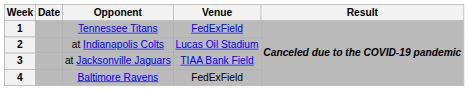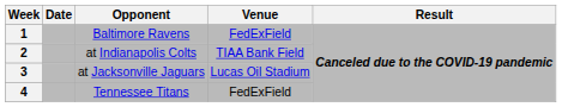 <table class="wikitable" style="text-align:center">
 <tr>
 <th>Week</th>
 <th>Date</th>
 <th>Opponent</th>
 <th>Venue</th>
 <th>Result</th>
 </tr>
 <tr style="background:#bababa">
 <th>1</th>
 <td></td>
-<td><a href='#'>Tennessee Titans</a></td>
+<td><a href='#'>Baltimore Ravens</a></td>
 <td><a href='#'>FedExField</a></td>
 <td rowspan=4><strong><em>Canceled due to the COVID-19 pandemic</em></strong></td>
 </tr>
 <tr style="background:#bababa">
 <th>2</th>
 <td></td>
 <td>at <a href='#'>Indianapolis Colts</a></td>
-<td><a href='#'>Lucas Oil Stadium</a></td>
+<td><a href='#'>TIAA Bank Field</a></td>
 </tr>
 <tr style="background:#bababa">
 <th>3</th>
 <td></td>
 <td>at <a href='#'>Jacksonville Jaguars</a></td>
-<td><a href='#'>TIAA Bank Field</a></td>
+<td><a href='#'>Lucas Oil Stadium</a></td>
 </tr>
 <tr style="background:#bababa">
 <th>4</th>
 <td></td>
-<td><a href='#'>Baltimore Ravens</a></td>
+<td><a href='#'>Tennessee Titans</a></td>
 <td>FedExField</td>
 </tr>
 </table>
